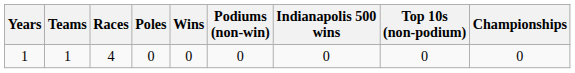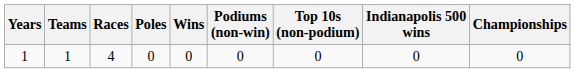 <table class="wikitable" style="text-align:center; font-size:95%">
 <tr>
 <th>Years</th>
 <th>Teams</th>
 <th>Races</th>
 <th>Poles</th>
 <th>Wins</th>
 <th>Podiums<br>(non-win)</th>
+<th>Top 10s<br>(non-podium)</th>
 <th>Indianapolis 500<br> wins</th>
-<th>Top 10s<br>(non-podium)</th>
 <th>Championships</th>
 </tr>
 <tr>
 <td>1</td>
 <td>1</td>
 <td>4</td>
 <td>0</td>
 <td>0</td>
 <td>0</td>
 <td>0</td>
 <td>0</td>
 <td>0</td>
 </tr>
 </table>
